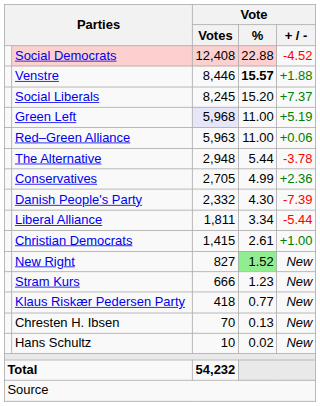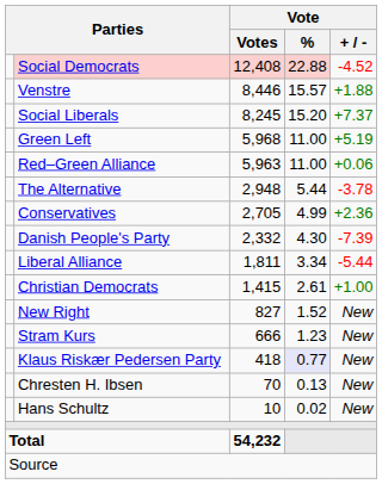 <table class="wikitable" style="text-align:right;">
 <tr>
 <th style="text-align:centre;" rowspan="2" colspan="2" width="225">Parties</th>
 <th colspan="3">Vote</th>
 </tr>
 <tr>
 <th width="15">Votes</th>
 <th width="15">%</th>
 <th width="15">+ / -</th>
 </tr>
 <tr>
 <td width="2" style="color:inherit;background:"></td>
 <td bgcolor=#fbd0ce  align="left"><a href='#'>Social Democrats</a></td>
 <td bgcolor=#fbd0ce>12,408</td>
 <td bgcolor=#fbd0ce>22.88</td>
 <td style=color:red;>-4.52</td>
 </tr>
 <tr>
 <td width="2" style="color:inherit;background:"></td>
 <td align="left"><a href='#'>Venstre</a></td>
 <td>8,446</td>
-<td><strong>15.57</strong></td>
+<td>15.57</td>
 <td style=color:green;>+1.88</td>
 </tr>
 <tr>
 <td width="2" style="color:inherit;background:"></td>
 <td align="left"><a href='#'>Social Liberals</a></td>
 <td>8,245</td>
 <td>15.20</td>
 <td style=color:green;>+7.37</td>
 </tr>
 <tr>
 <td width="2" style="color:inherit;background:"></td>
 <td align="left"><a href='#'>Green Left</a></td>
-<td style="background: lavender;">5,968</td>
+<td>5,968</td>
 <td>11.00</td>
 <td style=color:green;>+5.19</td>
 </tr>
 <tr>
 <td width="2" style="color:inherit;background:"></td>
 <td align="left"><a href='#'>Red–Green Alliance</a></td>
 <td>5,963</td>
 <td>11.00</td>
 <td style=color:green;>+0.06</td>
 </tr>
 <tr>
 <td width="2" style="color:inherit;background:"></td>
 <td align="left"><a href='#'>The Alternative</a></td>
 <td>2,948</td>
 <td>5.44</td>
 <td style=color:red;>-3.78</td>
 </tr>
 <tr>
 <td width="2" style="color:inherit;background:"></td>
 <td align="left"><a href='#'>Conservatives</a></td>
 <td>2,705</td>
 <td>4.99</td>
 <td style=color:green;>+2.36</td>
 </tr>
 <tr>
 <td width="2" style="color:inherit;background:"></td>
 <td align="left"><a href='#'>Danish People's Party</a></td>
 <td>2,332</td>
 <td>4.30</td>
 <td style=color:red;>-7.39</td>
 </tr>
 <tr>
 <td width="2" style="color:inherit;background:"></td>
 <td align="left"><a href='#'>Liberal Alliance</a></td>
 <td>1,811</td>
 <td>3.34</td>
 <td style=color:red;>-5.44</td>
 </tr>
 <tr>
 <td width="2" style="color:inherit;background:"></td>
 <td align="left"><a href='#'>Christian Democrats</a></td>
 <td>1,415</td>
 <td>2.61</td>
 <td style=color:green;>+1.00</td>
 </tr>
 <tr>
 <td width="2" style="color:inherit;background:"></td>
 <td align="left"><a href='#'>New Right</a></td>
 <td>827</td>
-<td style="background: lightgreen;">1.52</td>
+<td>1.52</td>
 <td><em>New</em></td>
 </tr>
 <tr>
 <td width="2" style="color:inherit;background:"></td>
 <td align="left"><a href='#'>Stram Kurs</a></td>
 <td>666</td>
 <td>1.23</td>
 <td><em>New</em></td>
 </tr>
 <tr>
 <td width="2" style="color:inherit;background:"></td>
 <td align="left"><a href='#'>Klaus Riskær Pedersen Party</a></td>
 <td>418</td>
-<td>0.77</td>
+<td style="background: lavender;">0.77</td>
 <td><em>New</em></td>
 </tr>
 <tr>
 <td width="2" style="color:inherit;background:"></td>
 <td align="left">Chresten H. Ibsen</td>
 <td>70</td>
 <td>0.13</td>
 <td><em>New</em></td>
 </tr>
 <tr>
 <td width="2" style="color:inherit;background:"></td>
 <td align="left">Hans Schultz</td>
 <td>10</td>
 <td>0.02</td>
 <td><em>New</em></td>
 </tr>
 <tr>
 <td colspan="7" bgcolor="#E9E9E9"></td>
 </tr>
 <tr>
 <td align="left" colspan="2"><strong>Total</strong></td>
 <td><strong>54,232</strong></td>
 <td bgcolor="#E9E9E9" colspan="2"></td>
 </tr>
 <tr>
 <td align="left" colspan="6">Source</td>
 </tr>
 </table>
